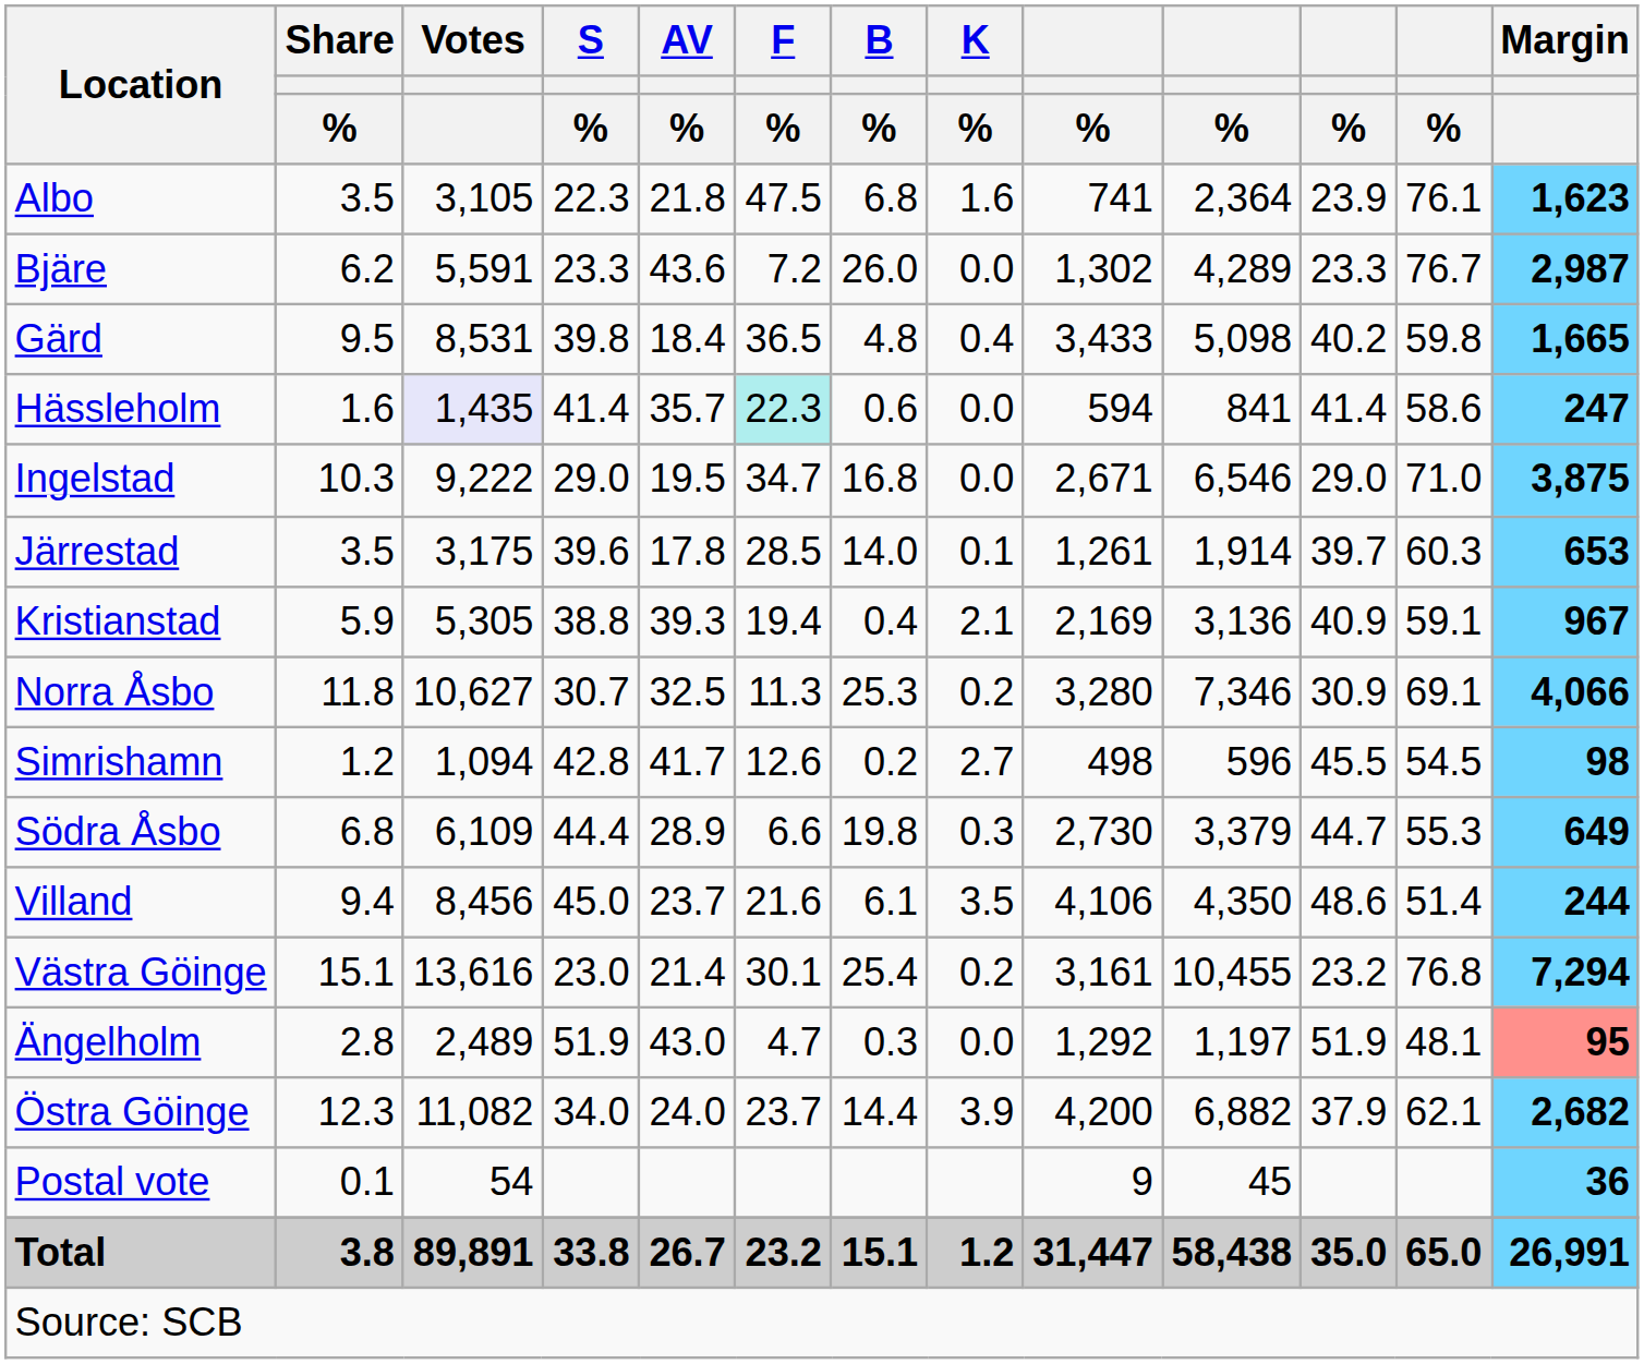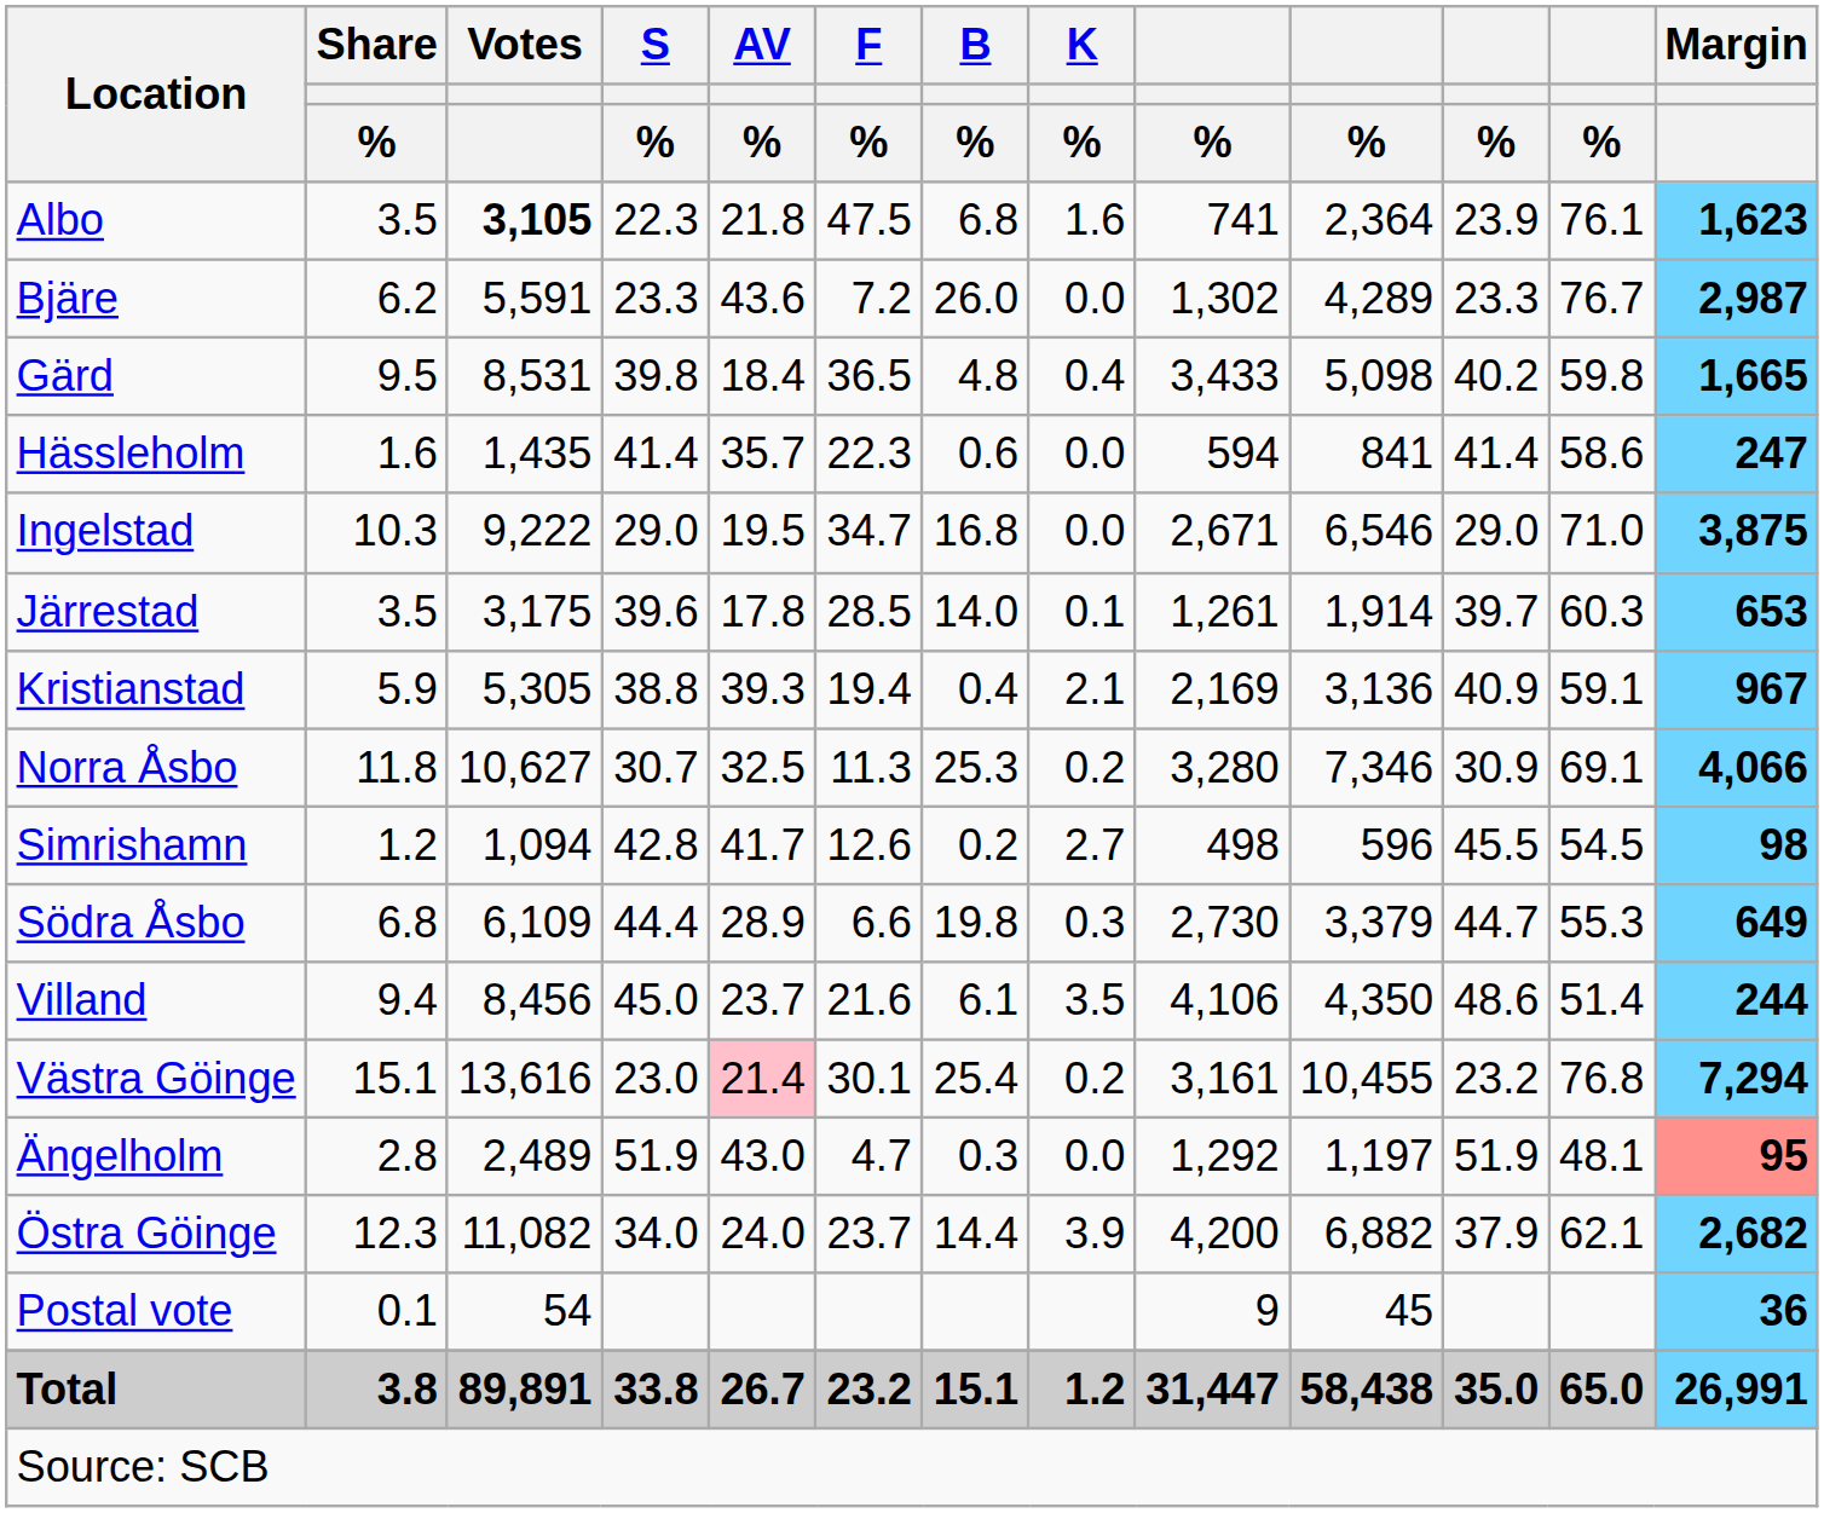 <table class="wikitable sortable" style="text-align:right; font-size:95%; line-height:20px;">
 <tr>
 <th rowspan="3">Location</th>
 <th>Share</th>
 <th>Votes</th>
 <th width="30px" class="unsortable"><a href='#'>S</a></th>
 <th width="30px" class="unsortable"><a href='#'>AV</a></th>
 <th width="30px" class="unsortable"><a href='#'>F</a></th>
 <th width="30px" class="unsortable"><a href='#'>B</a></th>
 <th width="30px" class="unsortable"><a href='#'>K</a></th>
 <th></th>
 <th></th>
 <th></th>
 <th></th>
 <th>Margin</th>
 </tr>
 <tr>
 <th></th>
 <th></th>
 <th style="background:"></th>
 <th style="background:"></th>
 <th style="background:"></th>
 <th style="background:"></th>
 <th style="background:"></th>
 <th style="background:"></th>
 <th style="background:"></th>
 <th style="background:"></th>
 <th style="background:"></th>
 <th></th>
 </tr>
 <tr>
 <th data-sort-type="number">%</th>
 <th></th>
 <th data-sort-type="number">%</th>
 <th data-sort-type="number">%</th>
 <th data-sort-type="number">%</th>
 <th data-sort-type="number">%</th>
 <th data-sort-type="number">%</th>
 <th data-sort-type="number">%</th>
 <th data-sort-type="number">%</th>
 <th data-sort-type="number">%</th>
 <th data-sort-type="number">%</th>
 <th></th>
 </tr>
 <tr>
 <td align=left><a href='#'>Albo</a></td>
 <td>3.5</td>
-<td>3,105</td>
+<td><strong>3,105</strong></td>
 <td>22.3</td>
 <td>21.8</td>
 <td>47.5</td>
 <td>6.8</td>
 <td>1.6</td>
 <td>741</td>
 <td>2,364</td>
 <td>23.9</td>
 <td>76.1</td>
 <td bgcolor=#6fd5fe><strong>1,623</strong></td>
 </tr>
 <tr>
 <td align=left><a href='#'>Bjäre</a></td>
 <td>6.2</td>
 <td>5,591</td>
 <td>23.3</td>
 <td>43.6</td>
 <td>7.2</td>
 <td>26.0</td>
 <td>0.0</td>
 <td>1,302</td>
 <td>4,289</td>
 <td>23.3</td>
 <td>76.7</td>
 <td bgcolor=#6fd5fe><strong>2,987</strong></td>
 </tr>
 <tr>
 <td align=left><a href='#'>Gärd</a></td>
 <td>9.5</td>
 <td>8,531</td>
 <td>39.8</td>
 <td>18.4</td>
 <td>36.5</td>
 <td>4.8</td>
 <td>0.4</td>
 <td>3,433</td>
 <td>5,098</td>
 <td>40.2</td>
 <td>59.8</td>
 <td bgcolor=#6fd5fe><strong>1,665</strong></td>
 </tr>
 <tr>
 <td align=left><a href='#'>Hässleholm</a></td>
 <td>1.6</td>
-<td style="background: lavender;">1,435</td>
+<td>1,435</td>
 <td>41.4</td>
 <td>35.7</td>
-<td style="background: paleturquoise;">22.3</td>
+<td>22.3</td>
 <td>0.6</td>
 <td>0.0</td>
 <td>594</td>
 <td>841</td>
 <td>41.4</td>
 <td>58.6</td>
 <td bgcolor=#6fd5fe><strong>247</strong></td>
 </tr>
 <tr>
 <td align=left><a href='#'>Ingelstad</a></td>
 <td>10.3</td>
 <td>9,222</td>
 <td>29.0</td>
 <td>19.5</td>
 <td>34.7</td>
 <td>16.8</td>
 <td>0.0</td>
 <td>2,671</td>
 <td>6,546</td>
 <td>29.0</td>
 <td>71.0</td>
 <td bgcolor=#6fd5fe><strong>3,875</strong></td>
 </tr>
 <tr>
 <td align=left><a href='#'>Järrestad</a></td>
 <td>3.5</td>
 <td>3,175</td>
 <td>39.6</td>
 <td>17.8</td>
 <td>28.5</td>
 <td>14.0</td>
 <td>0.1</td>
 <td>1,261</td>
 <td>1,914</td>
 <td>39.7</td>
 <td>60.3</td>
 <td bgcolor=#6fd5fe><strong>653</strong></td>
 </tr>
 <tr>
 <td align=left><a href='#'>Kristianstad</a></td>
 <td>5.9</td>
 <td>5,305</td>
 <td>38.8</td>
 <td>39.3</td>
 <td>19.4</td>
 <td>0.4</td>
 <td>2.1</td>
 <td>2,169</td>
 <td>3,136</td>
 <td>40.9</td>
 <td>59.1</td>
 <td bgcolor=#6fd5fe><strong>967</strong></td>
 </tr>
 <tr>
 <td align=left><a href='#'>Norra Åsbo</a></td>
 <td>11.8</td>
 <td>10,627</td>
 <td>30.7</td>
 <td>32.5</td>
 <td>11.3</td>
 <td>25.3</td>
 <td>0.2</td>
 <td>3,280</td>
 <td>7,346</td>
 <td>30.9</td>
 <td>69.1</td>
 <td bgcolor=#6fd5fe><strong>4,066</strong></td>
 </tr>
 <tr>
 <td align=left><a href='#'>Simrishamn</a></td>
 <td>1.2</td>
 <td>1,094</td>
 <td>42.8</td>
 <td>41.7</td>
 <td>12.6</td>
 <td>0.2</td>
 <td>2.7</td>
 <td>498</td>
 <td>596</td>
 <td>45.5</td>
 <td>54.5</td>
 <td bgcolor=#6fd5fe><strong>98</strong></td>
 </tr>
 <tr>
 <td align=left><a href='#'>Södra Åsbo</a></td>
 <td>6.8</td>
 <td>6,109</td>
 <td>44.4</td>
 <td>28.9</td>
 <td>6.6</td>
 <td>19.8</td>
 <td>0.3</td>
 <td>2,730</td>
 <td>3,379</td>
 <td>44.7</td>
 <td>55.3</td>
 <td bgcolor=#6fd5fe><strong>649</strong></td>
 </tr>
 <tr>
 <td align=left><a href='#'>Villand</a></td>
 <td>9.4</td>
 <td>8,456</td>
 <td>45.0</td>
 <td>23.7</td>
 <td>21.6</td>
 <td>6.1</td>
 <td>3.5</td>
 <td>4,106</td>
 <td>4,350</td>
 <td>48.6</td>
 <td>51.4</td>
 <td bgcolor=#6fd5fe><strong>244</strong></td>
 </tr>
 <tr>
 <td align=left><a href='#'>Västra Göinge</a></td>
 <td>15.1</td>
 <td>13,616</td>
 <td>23.0</td>
-<td>21.4</td>
+<td style="background: pink;">21.4</td>
 <td>30.1</td>
 <td>25.4</td>
 <td>0.2</td>
 <td>3,161</td>
 <td>10,455</td>
 <td>23.2</td>
 <td>76.8</td>
 <td bgcolor=#6fd5fe><strong>7,294</strong></td>
 </tr>
 <tr>
 <td align=left><a href='#'>Ängelholm</a></td>
 <td>2.8</td>
 <td>2,489</td>
 <td>51.9</td>
 <td>43.0</td>
 <td>4.7</td>
 <td>0.3</td>
 <td>0.0</td>
 <td>1,292</td>
 <td>1,197</td>
 <td>51.9</td>
 <td>48.1</td>
 <td bgcolor=#ff908c><strong>95</strong></td>
 </tr>
 <tr>
 <td align=left><a href='#'>Östra Göinge</a></td>
 <td>12.3</td>
 <td>11,082</td>
 <td>34.0</td>
 <td>24.0</td>
 <td>23.7</td>
 <td>14.4</td>
 <td>3.9</td>
 <td>4,200</td>
 <td>6,882</td>
 <td>37.9</td>
 <td>62.1</td>
 <td bgcolor=#6fd5fe><strong>2,682</strong></td>
 </tr>
 <tr>
 <td align=left><a href='#'>Postal vote</a></td>
 <td>0.1</td>
 <td>54</td>
 <td></td>
 <td></td>
 <td></td>
 <td></td>
 <td></td>
 <td>9</td>
 <td>45</td>
 <td></td>
 <td></td>
 <td bgcolor=#6fd5fe><strong>36</strong></td>
 </tr>
 <tr>
 </tr>
 <tr style="background:#CDCDCD;">
 <td align=left><strong>Total</strong></td>
 <td><strong>3.8</strong></td>
 <td><strong>89,891</strong></td>
 <td><strong>33.8</strong></td>
 <td><strong>26.7</strong></td>
 <td><strong>23.2</strong></td>
 <td><strong>15.1</strong></td>
 <td><strong>1.2</strong></td>
 <td><strong>31,447</strong></td>
 <td><strong>58,438</strong></td>
 <td><strong>35.0</strong></td>
 <td><strong>65.0</strong></td>
 <td bgcolor=#6fd5fe><strong>26,991</strong></td>
 </tr>
 <tr>
 <td align=left colspan=13>Source: SCB </td>
 </tr>
 </table>
